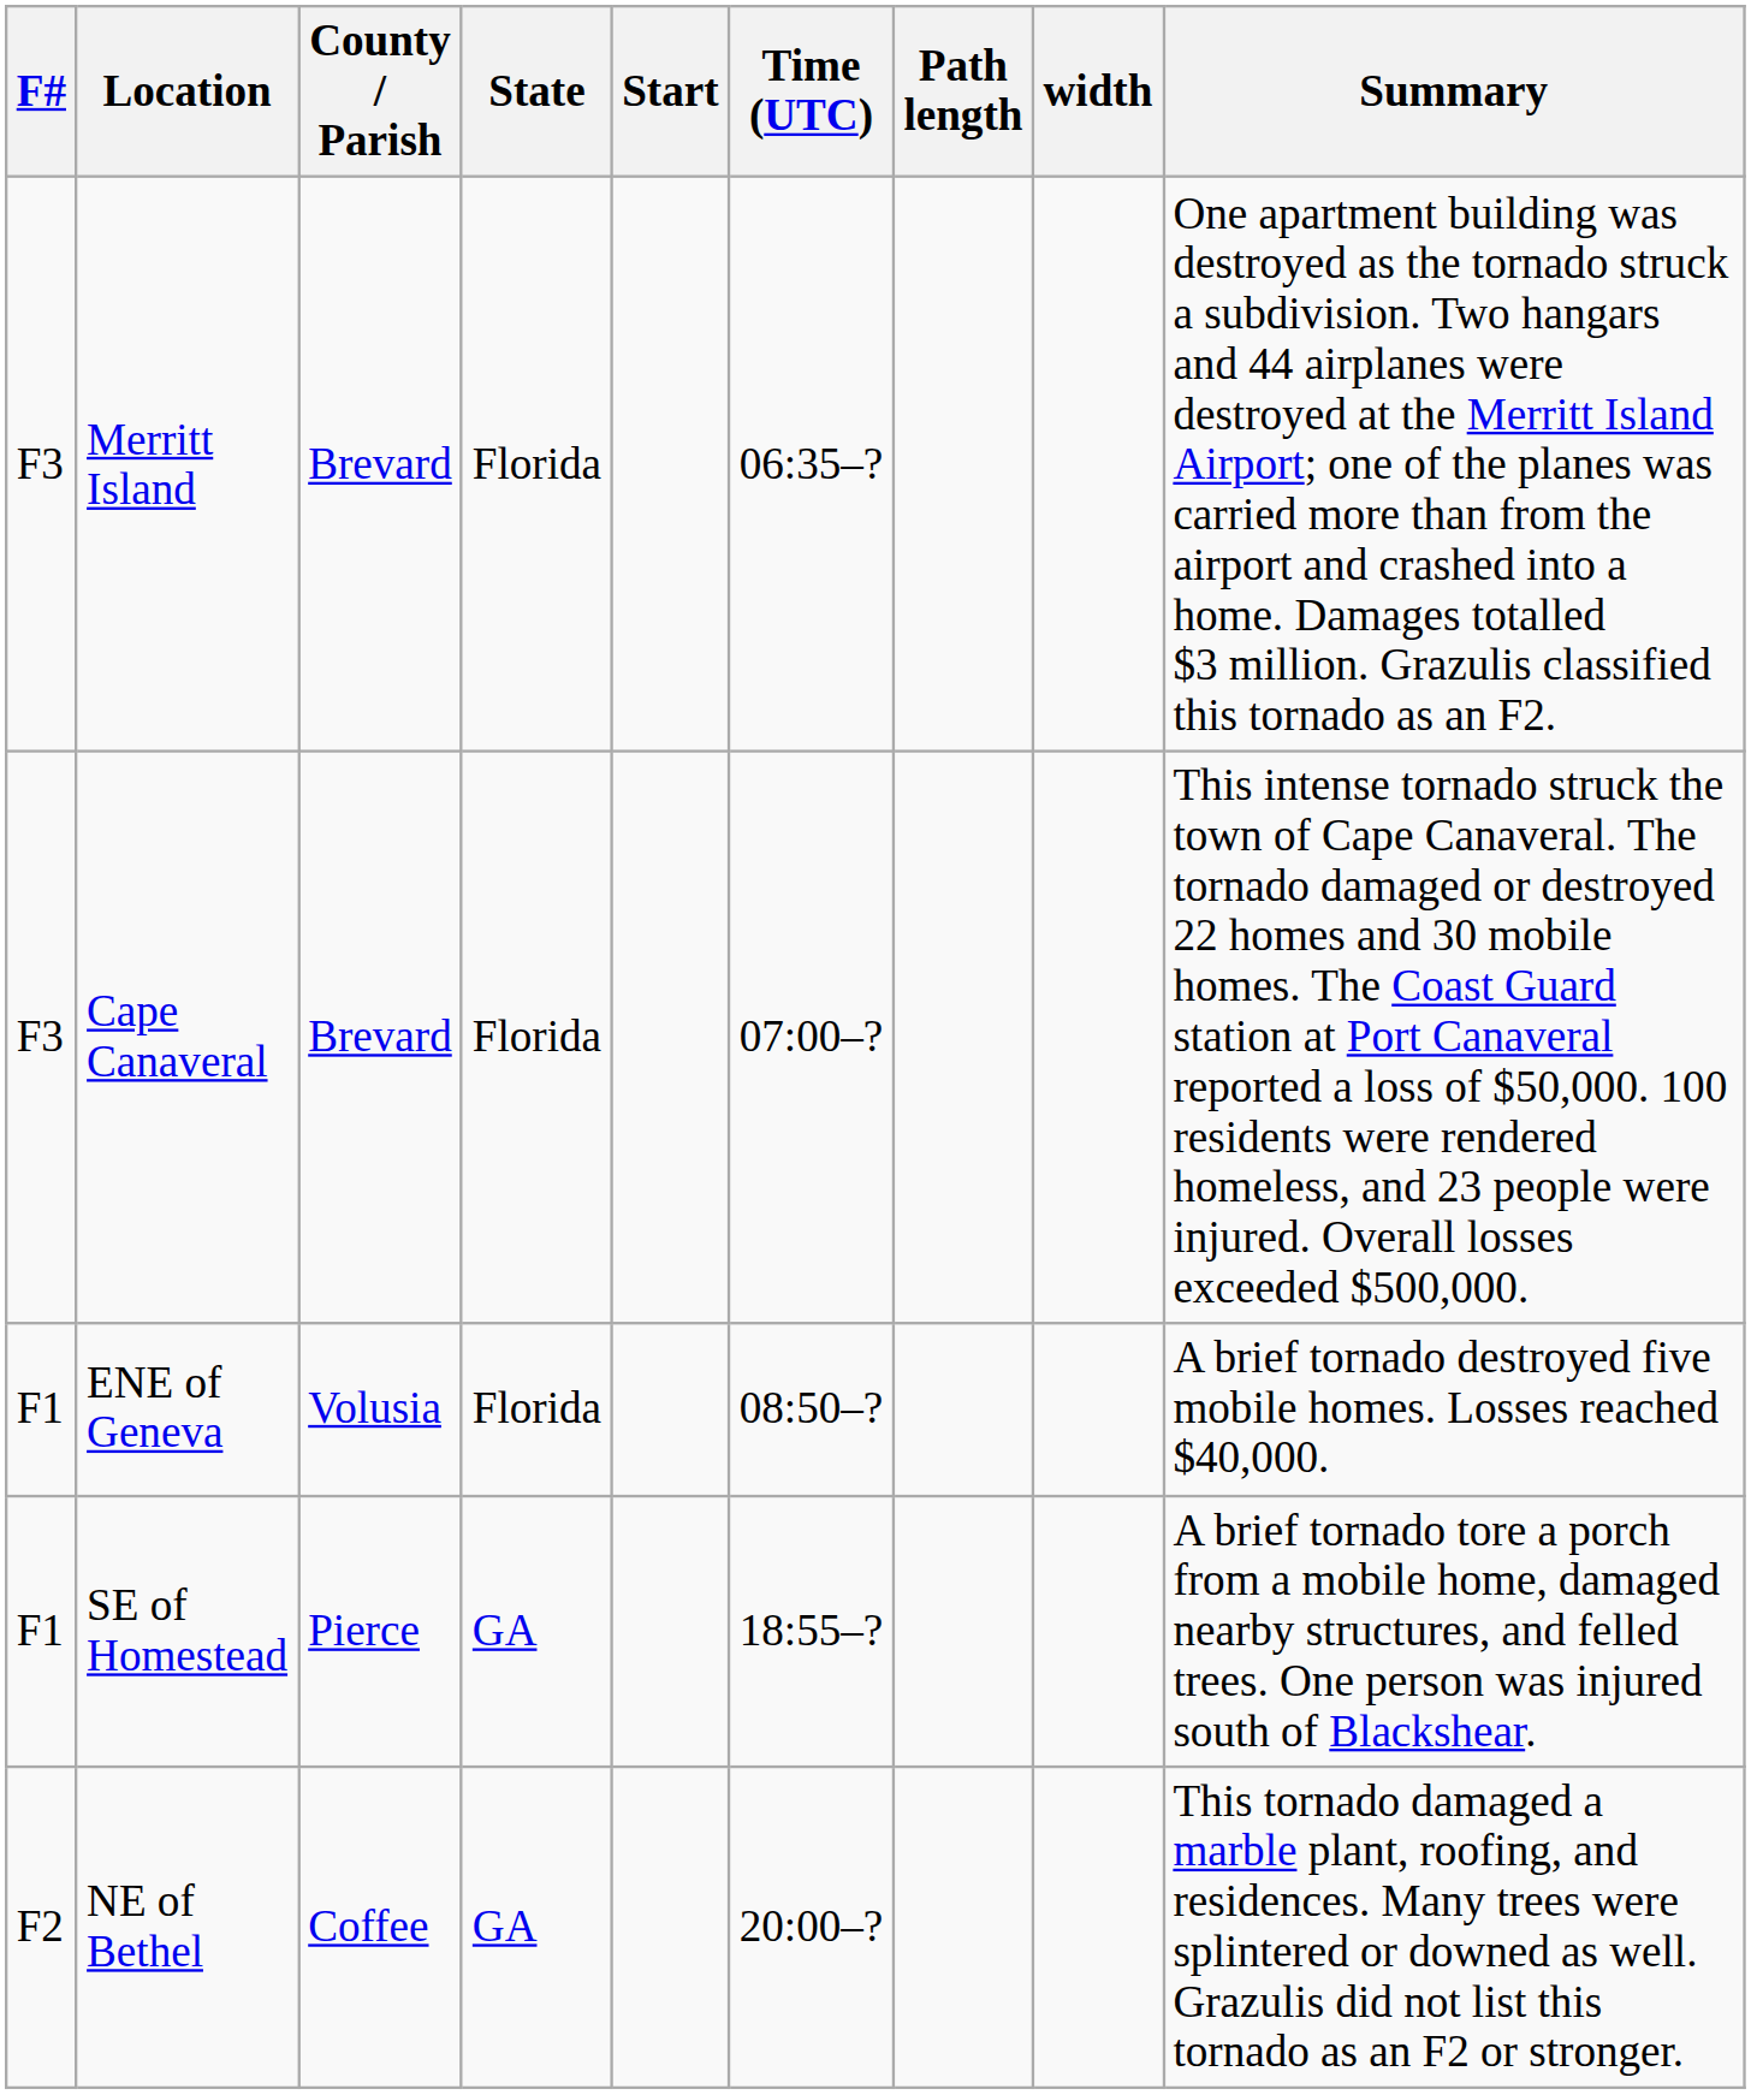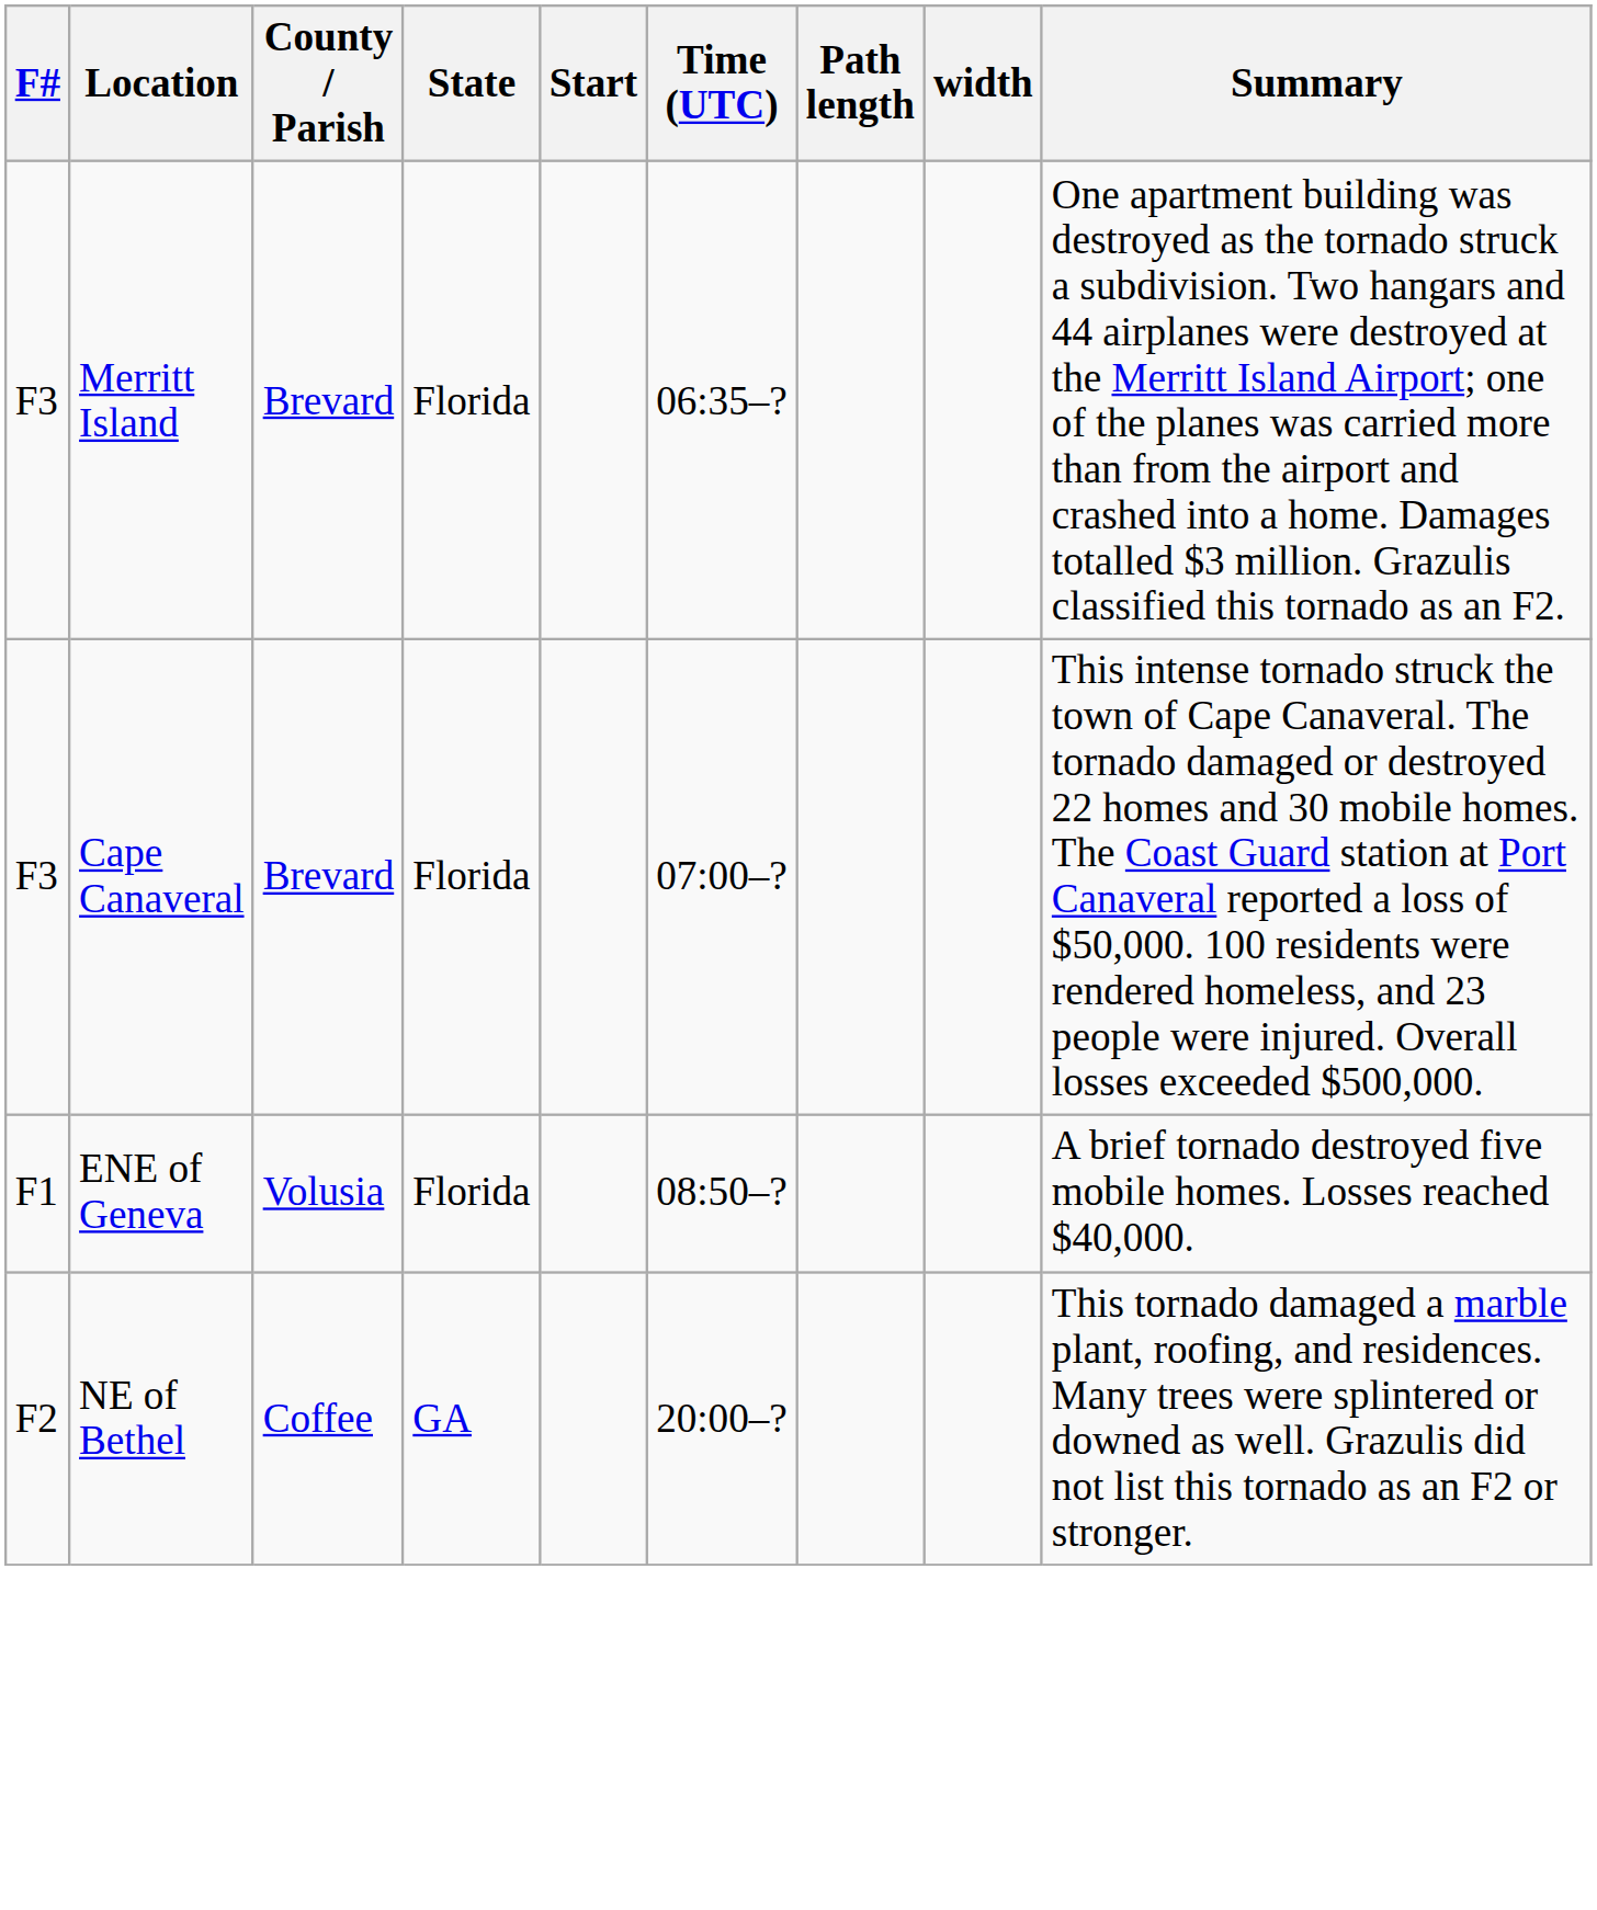 <table class="wikitable sortable" style="width:100%;">
 <tr>
 <th scope="col"  style="width:3%; text-align:center;"><a href='#'>F#</a></th>
 <th scope="col"  style="width:7%; text-align:center;" class="unsortable">Location</th>
 <th scope="col"  style="width:6%; text-align:center;" class="unsortable">County / Parish</th>
 <th scope="col"  style="width:5%; text-align:center;">State</th>
 <th scope="col"  style="width:6%; text-align:center;">Start<br></th>
 <th scope="col"  style="width:6%; text-align:center;">Time (<a href='#'>UTC</a>)</th>
 <th scope="col"  style="width:6%; text-align:center;">Path length</th>
 <th scope="col"  style="width:6%; text-align:center;"> width</th>
 <th scope="col" class="unsortable" style="width:48%; text-align:center;">Summary</th>
 </tr>
 <tr>
 <td>F3</td>
 <td><a href='#'>Merritt Island</a></td>
 <td><a href='#'>Brevard</a></td>
 <td>Florida</td>
 <td></td>
 <td>06:35–?</td>
 <td></td>
 <td></td>
 <td>One apartment building was destroyed as the tornado struck a subdivision. Two hangars and 44 airplanes were destroyed at the <a href='#'>Merritt Island Airport</a>; one of the planes was carried more than  from the airport and crashed into a home. Damages totalled $3 million. Grazulis classified this tornado as an F2.</td>
 </tr>
 <tr>
 <td>F3</td>
 <td><a href='#'>Cape Canaveral</a></td>
 <td><a href='#'>Brevard</a></td>
 <td>Florida</td>
 <td></td>
 <td>07:00–?</td>
 <td></td>
 <td></td>
 <td>This intense tornado struck the town of Cape Canaveral. The tornado damaged or destroyed 22 homes and 30 mobile homes. The <a href='#'>Coast Guard</a> station at <a href='#'>Port Canaveral</a> reported a loss of $50,000. 100 residents were rendered homeless, and 23 people were injured. Overall losses exceeded $500,000.</td>
 </tr>
 <tr>
 <td>F1</td>
 <td>ENE of <a href='#'>Geneva</a></td>
 <td><a href='#'>Volusia</a></td>
 <td>Florida</td>
 <td></td>
 <td>08:50–?</td>
 <td></td>
 <td></td>
 <td>A brief tornado destroyed five mobile homes. Losses reached $40,000.</td>
 </tr>
 <tr>
-<td>F1</td>
-<td>SE of <a href='#'>Homestead</a></td>
-<td><a href='#'>Pierce</a></td>
-<td><a href='#'>GA</a></td>
-<td></td>
-<td>18:55–?</td>
-<td></td>
-<td></td>
-<td>A brief tornado tore a porch from a mobile home, damaged nearby structures, and felled trees. One person was injured south of <a href='#'>Blackshear</a>.</td>
-</tr>
-<tr>
 <td>F2</td>
 <td>NE of <a href='#'>Bethel</a></td>
 <td><a href='#'>Coffee</a></td>
 <td><a href='#'>GA</a></td>
 <td></td>
 <td>20:00–?</td>
 <td></td>
 <td></td>
 <td>This tornado damaged a <a href='#'>marble</a> plant, roofing, and residences. Many trees were splintered or downed as well. Grazulis did not list this tornado as an F2 or stronger.</td>
 </tr>
 </table>
